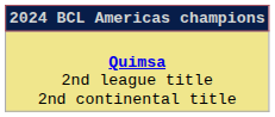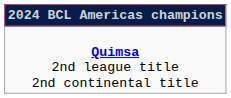 <table class=wikitable style="text-align:center; margin:auto">
 <tr>
 <th style="background: #071D49; color: #D0D3D4; border: 1px solid #A85361;">2024 BCL Americas champions</th>
 </tr>
 <tr>
-<td style="background: khaki;"><br> <strong><a href='#'>Quimsa</a></strong><br> 2nd league title<br>2nd continental title</td>
+<td><br> <strong><a href='#'>Quimsa</a></strong><br> 2nd league title<br>2nd continental title</td>
 </tr>
 </table>
